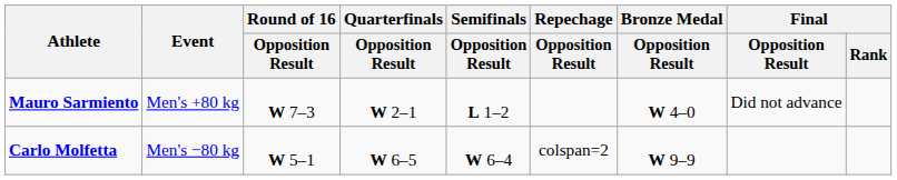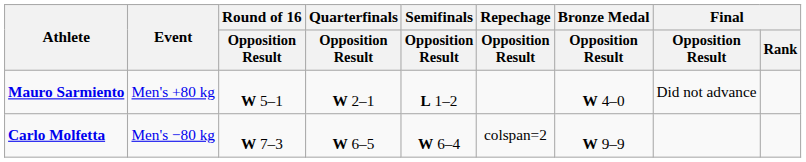 <table class="wikitable" style="font-size:90%">
 <tr>
 <th rowspan="2">Athlete</th>
 <th rowspan="2">Event</th>
 <th>Round of 16</th>
 <th>Quarterfinals</th>
 <th>Semifinals</th>
 <th>Repechage</th>
 <th>Bronze Medal</th>
 <th colspan=2>Final</th>
 </tr>
 <tr style="font-size:95%">
 <th>Opposition<br>Result</th>
 <th>Opposition<br>Result</th>
 <th>Opposition<br>Result</th>
 <th>Opposition<br>Result</th>
 <th>Opposition<br>Result</th>
 <th>Opposition<br>Result</th>
 <th>Rank</th>
 </tr>
 <tr align=center>
 <td align=left><strong><a href='#'>Mauro Sarmiento</a></strong></td>
 <td align=left><a href='#'>Men's +80 kg</a></td>
-<td><br><strong>W</strong> 7–3</td>
+<td><br><strong>W</strong> 5–1</td>
 <td><br><strong>W</strong> 2–1</td>
 <td><br><strong>L</strong> 1–2</td>
 <td></td>
 <td><br><strong>W</strong> 4–0</td>
 <td>Did not advance</td>
 <td></td>
 </tr>
 <tr align=center>
 <td align=left><strong><a href='#'>Carlo Molfetta</a></strong></td>
 <td align=left><a href='#'>Men's −80 kg</a></td>
-<td><br><strong>W</strong> 5–1</td>
+<td><br><strong>W</strong> 7–3</td>
 <td><br><strong>W</strong> 6–5 </td>
 <td><br><strong>W</strong> 6–4</td>
 <td>colspan=2 </td>
 <td><br><strong>W</strong> 9–9 </td>
 <td></td>
 </tr>
 </table>
